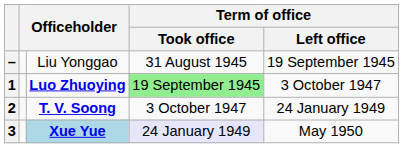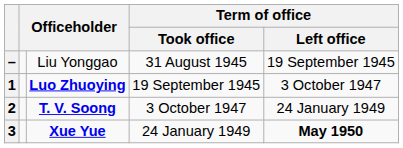 <table class="wikitable" style="text-align:center">
 <tr>
 <th rowspan="2"></th>
 <th colspan="2" rowspan="2">Officeholder</th>
 <th colspan="2">Term of office</th>
 </tr>
 <tr>
 <th>Took office</th>
 <th>Left office</th>
 </tr>
 <tr>
 <th>–</th>
 <td></td>
 <td>Liu Yonggao</td>
 <td>31 August 1945</td>
 <td>19 September 1945</td>
 </tr>
 <tr>
 <th>1</th>
 <td></td>
 <td><strong><a href='#'>Luo Zhuoying</a></strong><br></td>
-<td style="background: lightgreen;">19 September 1945</td>
+<td>19 September 1945</td>
 <td>3 October 1947</td>
 </tr>
 <tr>
 <th>2</th>
 <td></td>
 <td><strong><a href='#'>T. V. Soong</a></strong><br></td>
 <td>3 October 1947</td>
 <td>24 January 1949</td>
 </tr>
 <tr>
 <th>3</th>
 <td></td>
-<td style="background: lightblue;"><strong><a href='#'>Xue Yue</a></strong><br></td>
-<td style="background: lavender;">24 January 1949</td>
-<td>May 1950</td>
+<td><strong><a href='#'>Xue Yue</a></strong><br></td>
+<td>24 January 1949</td>
+<td><strong>May 1950</strong></td>
 </tr>
 </table>
